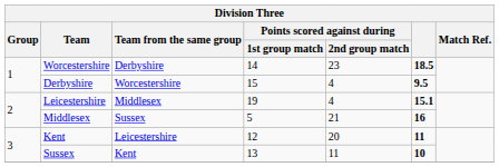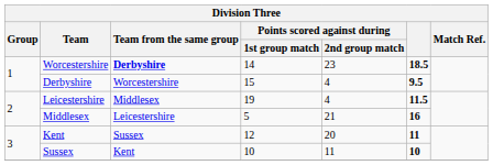 <table class="wikitable">
 <tr>
 <th colspan="7">Division Three</th>
 </tr>
 <tr>
 <th rowspan="2">Group</th>
 <th rowspan="2">Team</th>
 <th rowspan="2">Team from the same group</th>
 <th colspan="2">Points scored against during</th>
 <th rowspan="2"></th>
 <th rowspan="2">Match Ref.</th>
 </tr>
 <tr>
 <th>1st group match</th>
 <th>2nd group match</th>
 </tr>
 <tr>
 <td rowspan="2">1</td>
 <td><a href='#'>Worcestershire</a></td>
-<td><a href='#'>Derbyshire</a></td>
+<td><strong><a href='#'>Derbyshire</a></strong></td>
 <td>14</td>
 <td>23</td>
 <td><strong>18.5</strong></td>
 <td rowspan="2"><br></td>
 </tr>
 <tr>
 <td><a href='#'>Derbyshire</a></td>
 <td><a href='#'>Worcestershire</a></td>
 <td>15</td>
 <td>4</td>
 <td><strong>9.5</strong></td>
 </tr>
 <tr>
 <td rowspan="2">2</td>
 <td><a href='#'>Leicestershire</a></td>
 <td><a href='#'>Middlesex</a></td>
 <td>19</td>
 <td>4</td>
-<td><strong>15.1</strong></td>
+<td><strong>11.5</strong></td>
 <td rowspan="2"><br></td>
 </tr>
 <tr>
 <td><a href='#'>Middlesex</a></td>
-<td><a href='#'>Sussex</a></td>
+<td><a href='#'>Leicestershire</a></td>
 <td>5</td>
 <td>21</td>
 <td><strong>16</strong></td>
 </tr>
 <tr>
 <td rowspan="2">3</td>
 <td><a href='#'>Kent</a></td>
-<td><a href='#'>Leicestershire</a></td>
+<td><a href='#'>Sussex</a></td>
 <td>12</td>
 <td>20</td>
 <td><strong>11</strong></td>
 <td rowspan="2"><br></td>
 </tr>
 <tr>
 <td><a href='#'>Sussex</a></td>
 <td><a href='#'>Kent</a></td>
-<td>13</td>
+<td>10</td>
 <td>11</td>
 <td><strong>10</strong></td>
 </tr>
 <tr>
 </tr>
 </table>
